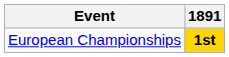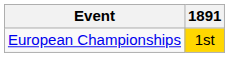 <table class="wikitable">
 <tr>
 <th>Event</th>
 <th>1891</th>
 </tr>
 <tr>
 <td><a href='#'>European Championships</a></td>
-<td align="center" bgcolor="gold"><strong>1st</strong></td>
+<td align="center" bgcolor="gold">1st</td>
 </tr>
 </table>
